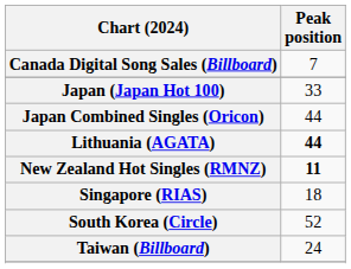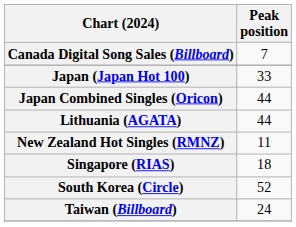 <table class="wikitable sortable plainrowheaders" style="text-align:center">
 <tr>
 <th scope="col">Chart (2024)</th>
 <th scope="col">Peak<br>position</th>
 </tr>
 <tr>
 <th scope="row">Canada Digital Song Sales (<em><a href='#'>Billboard</a></em>)</th>
 <td>7</td>
 </tr>
 <tr>
 </tr>
 <tr>
 <th scope="row">Japan (<a href='#'>Japan Hot 100</a>)</th>
 <td>33</td>
 </tr>
 <tr>
 <th scope="row">Japan Combined Singles (<a href='#'>Oricon</a>)</th>
 <td>44</td>
 </tr>
 <tr>
 <th scope="row">Lithuania (<a href='#'>AGATA</a>)</th>
-<td><strong>44</strong></td>
+<td>44</td>
 </tr>
 <tr>
 <th scope="row">New Zealand Hot Singles (<a href='#'>RMNZ</a>)</th>
-<td><strong>11</strong></td>
+<td>11</td>
 </tr>
 <tr>
 <th scope="row">Singapore (<a href='#'>RIAS</a>)</th>
 <td>18</td>
 </tr>
 <tr>
 <th scope="row">South Korea (<a href='#'>Circle</a>)</th>
 <td>52</td>
 </tr>
 <tr>
 <th scope="row">Taiwan (<em><a href='#'>Billboard</a></em>)</th>
 <td>24</td>
 </tr>
 <tr>
 </tr>
 <tr>
 </tr>
 </table>
